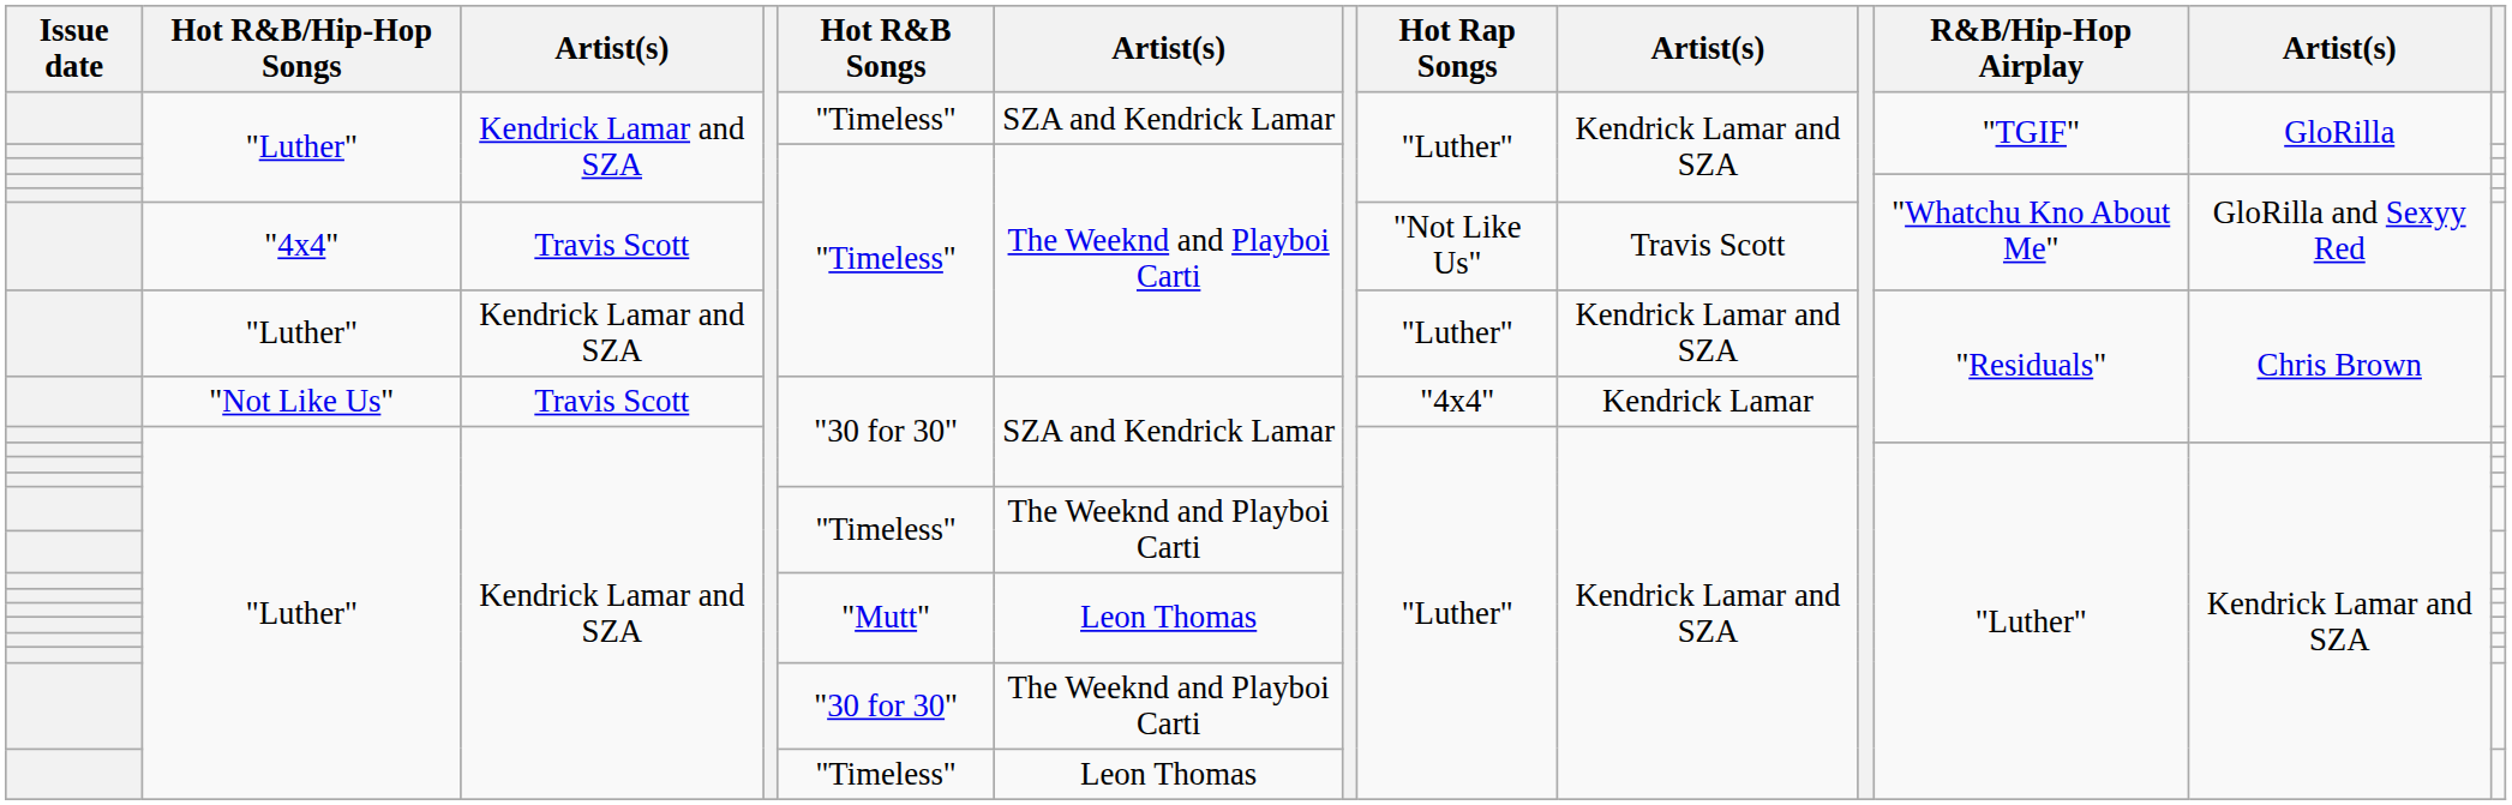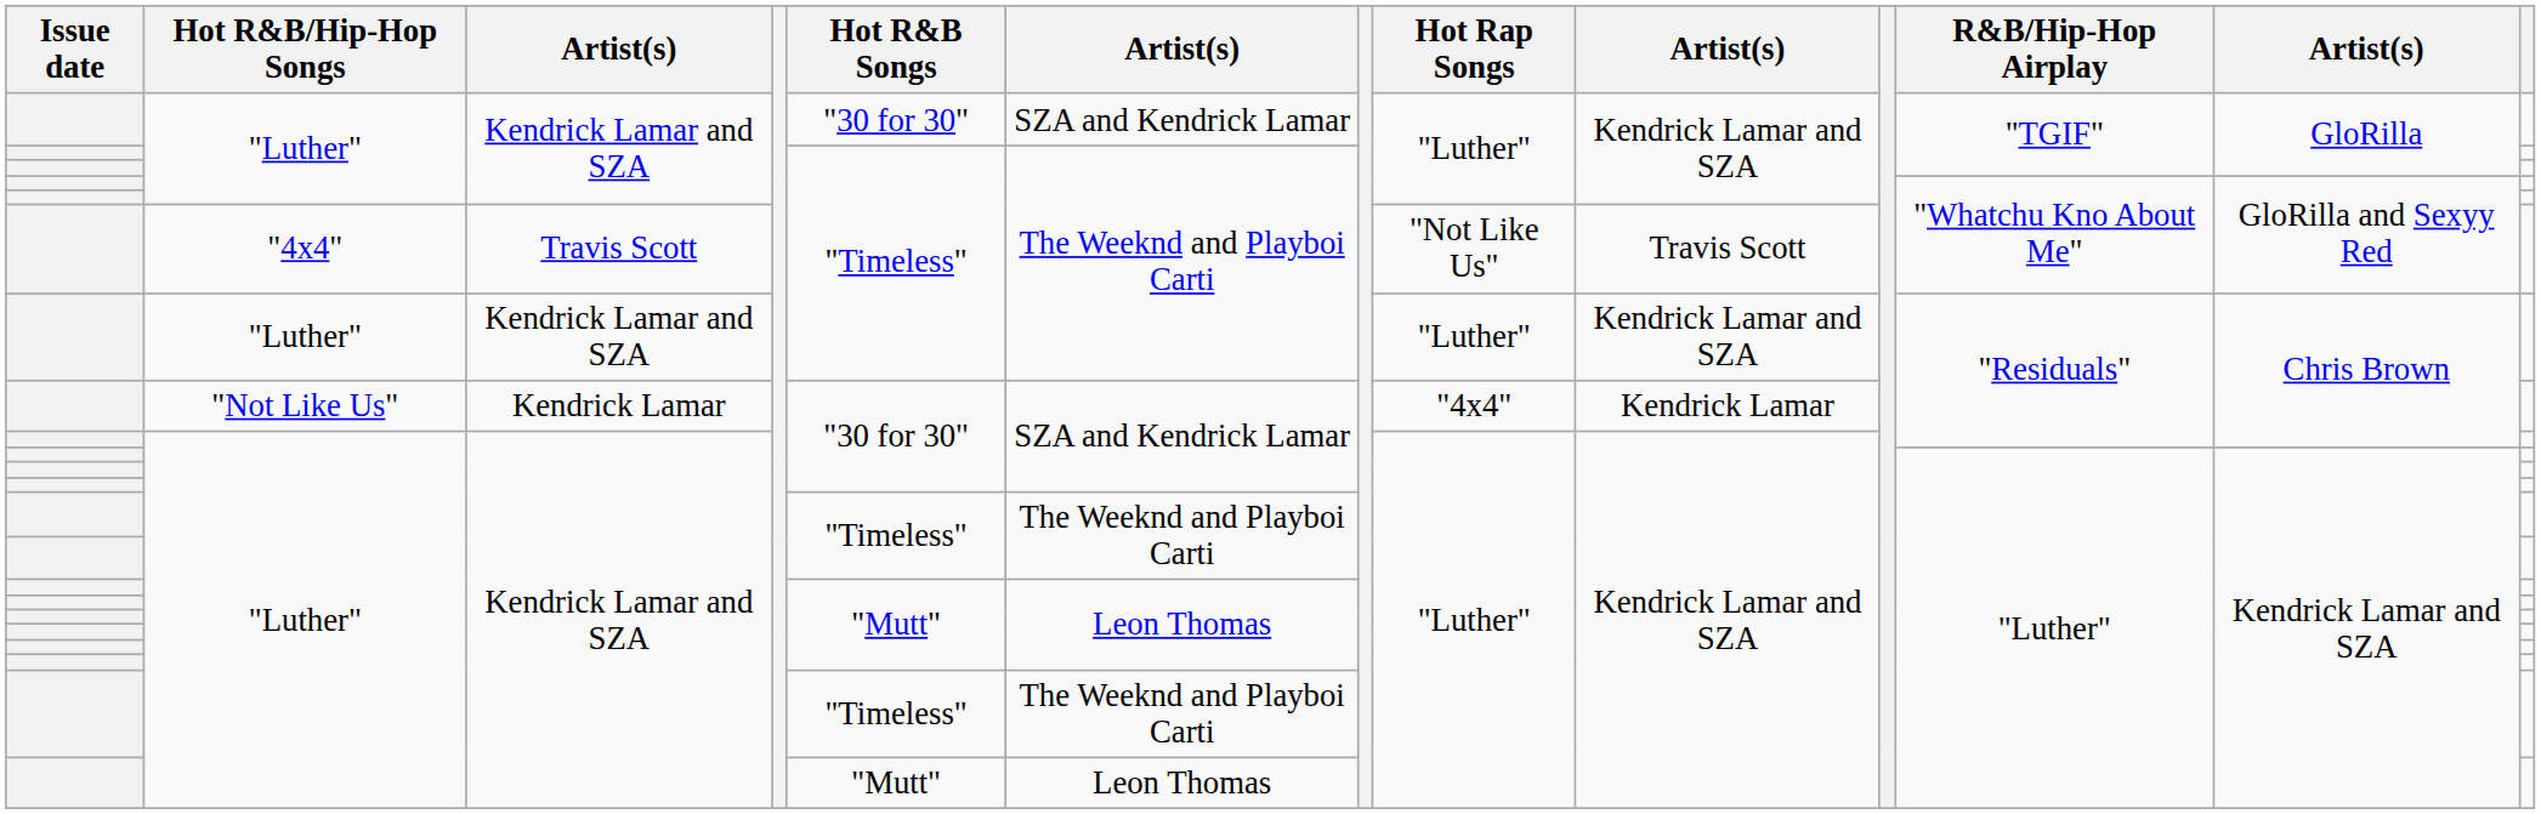 <table class="wikitable plainrowheaders" style="text-align:center;">
 <tr>
 <th scope="col">Issue date</th>
 <th scope="col">Hot R&B/Hip-Hop Songs</th>
 <th scope="col">Artist(s)</th>
 <th rowspan="102"></th>
 <th scope="col">Hot R&B Songs</th>
 <th scope="col">Artist(s)</th>
 <th rowspan="102"></th>
 <th scope="col">Hot Rap Songs</th>
 <th scope="col">Artist(s)</th>
 <th rowspan="102"></th>
 <th scope="col">R&B/Hip-Hop Airplay</th>
 <th scope="col">Artist(s)</th>
 <th scope="col"></th>
 </tr>
 <tr>
 <th scope="row"></th>
 <td rowspan="5">"<a href='#'>Luther</a>"</td>
 <td rowspan="5"><a href='#'>Kendrick Lamar</a> and <a href='#'>SZA</a></td>
-<td>"Timeless"</td>
+<td>"<a href='#'>30 for 30</a>"</td>
 <td>SZA and Kendrick Lamar</td>
 <td rowspan="5">"Luther"</td>
 <td rowspan="5">Kendrick Lamar and SZA</td>
 <td rowspan="3">"<a href='#'>TGIF</a>"</td>
 <td rowspan="3"><a href='#'>GloRilla</a></td>
 <td></td>
 </tr>
 <tr>
 <th scope="row"></th>
 <td rowspan="6">"<a href='#'>Timeless</a>"</td>
 <td rowspan="6"><a href='#'>The Weeknd</a> and <a href='#'>Playboi Carti</a></td>
 <td></td>
 </tr>
 <tr>
 <th scope="row"></th>
 <td></td>
 </tr>
 <tr>
 <th scope="row"></th>
 <td rowspan="3">"<a href='#'>Whatchu Kno About Me</a>"</td>
 <td rowspan="3">GloRilla and <a href='#'>Sexyy Red</a></td>
 <td></td>
 </tr>
 <tr>
 <th scope="row"></th>
 <td></td>
 </tr>
 <tr>
 <th scope="row"></th>
 <td>"<a href='#'>4x4</a>"</td>
 <td><a href='#'>Travis Scott</a></td>
 <td>"Not Like Us"</td>
 <td>Travis Scott</td>
 <td></td>
 </tr>
 <tr>
 <th scope="row"></th>
 <td>"Luther"</td>
 <td>Kendrick Lamar and SZA</td>
 <td>"Luther"</td>
 <td>Kendrick Lamar and SZA</td>
 <td rowspan="3">"<a href='#'>Residuals</a>"</td>
 <td rowspan="3"><a href='#'>Chris Brown</a></td>
 <td></td>
 </tr>
 <tr>
 <th scope="row"></th>
 <td>"<a href='#'>Not Like Us</a>"</td>
-<td><a href='#'>Travis Scott</a></td>
+<td>Kendrick Lamar</td>
 <td rowspan="5">"30 for 30"</td>
 <td rowspan="5">SZA and Kendrick Lamar</td>
 <td>"4x4"</td>
 <td>Kendrick Lamar</td>
 <td></td>
 </tr>
 <tr>
 <th scope="row"></th>
 <td rowspan="14">"Luther"</td>
 <td rowspan="14">Kendrick Lamar and SZA</td>
 <td rowspan="14">"Luther"</td>
 <td rowspan="14">Kendrick Lamar and SZA</td>
 <td></td>
 </tr>
 <tr>
 <th scope="row"></th>
 <td rowspan="13">"Luther"</td>
 <td rowspan="13">Kendrick Lamar and SZA</td>
 <td></td>
 </tr>
 <tr>
 <th scope="row"></th>
 <td></td>
 </tr>
 <tr>
 <th scope="row"></th>
 <td></td>
 </tr>
 <tr>
 <th scope="row"></th>
 <td rowspan="2">"Timeless"</td>
 <td rowspan="2">The Weeknd and Playboi Carti</td>
 <td></td>
 </tr>
 <tr>
 <th scope="row"></th>
 <td></td>
 </tr>
 <tr>
 <th scope="row"></th>
 <td rowspan="6">"<a href='#'>Mutt</a>"</td>
 <td rowspan="6"><a href='#'>Leon Thomas</a></td>
 <td></td>
 </tr>
 <tr>
 <th scope="row"></th>
 <td></td>
 </tr>
 <tr>
 <th scope="row"></th>
 <td></td>
 </tr>
 <tr>
 <th scope="row"></th>
 <td></td>
 </tr>
 <tr>
 <th scope="row"></th>
 <td></td>
 </tr>
 <tr>
 <th scope="row"></th>
 <td></td>
 </tr>
 <tr>
 <th scope="row"></th>
-<td>"<a href='#'>30 for 30</a>"</td>
+<td>"Timeless"</td>
 <td>The Weeknd and Playboi Carti</td>
 <td></td>
 </tr>
 <tr>
 <th scope="row"></th>
-<td>"Timeless"</td>
+<td>"Mutt"</td>
 <td>Leon Thomas</td>
 <td></td>
 </tr>
 </table>
